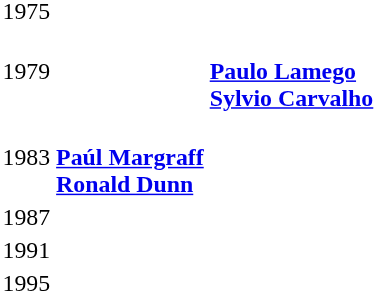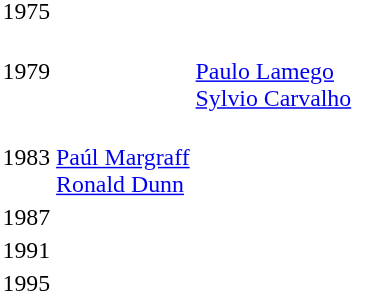 <table>
 <tr>
 <td>1975</td>
 <td></td>
 <td></td>
 <td></td>
 </tr>
 <tr>
 <td>1979</td>
 <td></td>
-<td><strong><br><a href='#'>Paulo Lamego</a><br><a href='#'>Sylvio Carvalho</a></strong></td>
+<td><br><a href='#'>Paulo Lamego</a><br><a href='#'>Sylvio Carvalho</a></td>
 <td></td>
 </tr>
 <tr>
 <td>1983</td>
-<td><strong><br><a href='#'>Paúl Margraff</a><br><a href='#'>Ronald Dunn</a></strong></td>
+<td><br><a href='#'>Paúl Margraff</a><br><a href='#'>Ronald Dunn</a></td>
 <td></td>
 <td></td>
 </tr>
 <tr>
 <td>1987</td>
 <td></td>
 <td></td>
 <td></td>
 </tr>
 <tr>
 <td>1991</td>
 <td></td>
 <td></td>
 <td></td>
 </tr>
 <tr>
 <td>1995</td>
 <td></td>
 <td></td>
 <td></td>
 </tr>
 </table>
